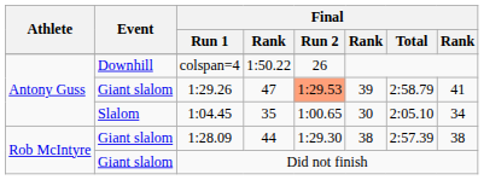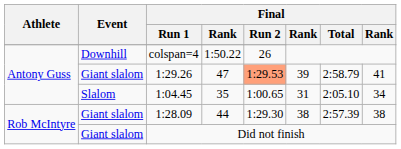 <table class="wikitable" style="font-size:90%">
 <tr>
 <th rowspan="2">Athlete</th>
 <th rowspan="2">Event</th>
 <th colspan="6">Final</th>
 </tr>
 <tr>
 <th>Run 1</th>
 <th>Rank</th>
 <th>Run 2</th>
 <th>Rank</th>
 <th>Total</th>
 <th>Rank</th>
 </tr>
 <tr>
 </tr>
 <tr align="center">
 <td align="left" rowspan=3><a href='#'>Antony Guss</a></td>
 <td align="left"><a href='#'>Downhill</a></td>
 <td>colspan=4 </td>
 <td>1:50.22</td>
 <td>26</td>
 </tr>
 <tr align="center">
 <td align="left"><a href='#'>Giant slalom</a></td>
 <td>1:29.26</td>
 <td>47</td>
 <td style="background: lightsalmon;">1:29.53</td>
 <td>39</td>
 <td>2:58.79</td>
 <td>41</td>
 </tr>
 <tr align="center">
 <td align="left"><a href='#'>Slalom</a></td>
 <td>1:04.45</td>
 <td>35</td>
 <td>1:00.65</td>
-<td>30</td>
+<td>31</td>
 <td>2:05.10</td>
 <td>34</td>
 </tr>
 <tr align="center">
 <td align="left" rowspan=2><a href='#'>Rob McIntyre</a></td>
 <td align="left"><a href='#'>Giant slalom</a></td>
 <td>1:28.09</td>
 <td>44</td>
 <td>1:29.30</td>
 <td>38</td>
 <td>2:57.39</td>
 <td>38</td>
 </tr>
 <tr align="center">
 <td align="left"><a href='#'>Giant slalom</a></td>
 <td colspan=6>Did not finish</td>
 </tr>
 </table>
